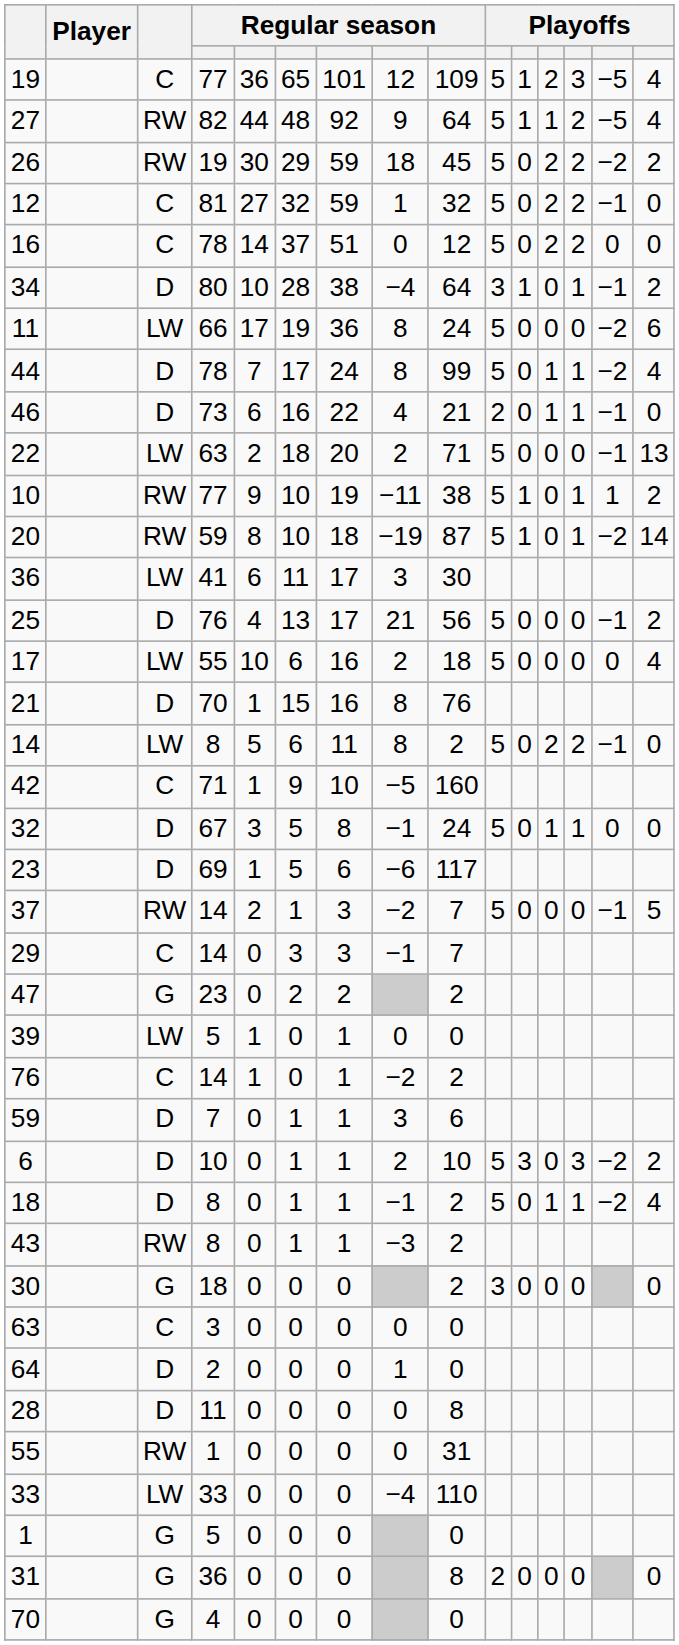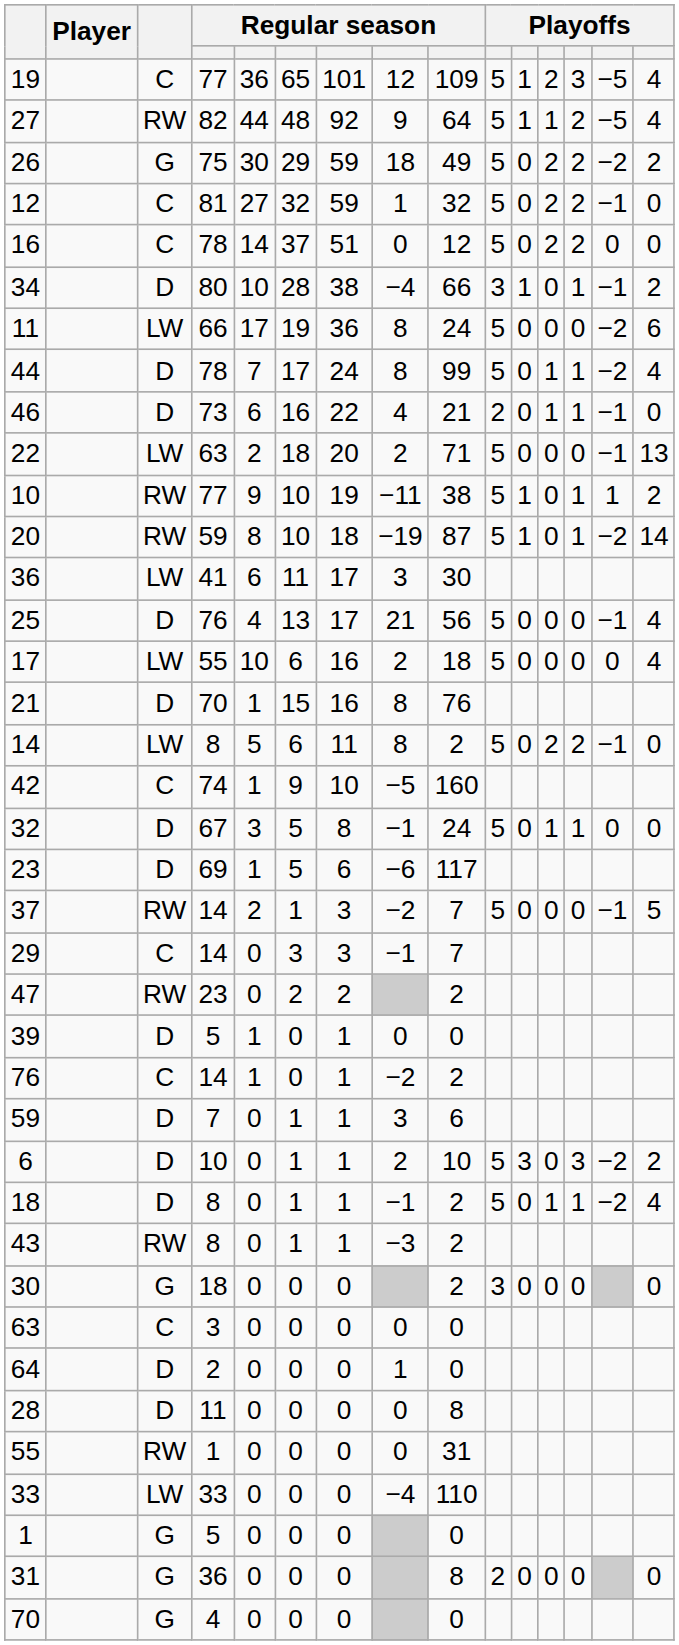 <table class="wikitable sortable plainrowheaders" style="text-align:center;">
 <tr>
 <th scope="col" data-sort-type="number" rowspan="2"></th>
 <th scope="col" rowspan="2">Player</th>
 <th scope="col" rowspan="2"></th>
 <th scope=colgroup colspan=6>Regular season</th>
 <th scope=colgroup colspan=6>Playoffs</th>
 </tr>
 <tr>
 <th scope="col" data-sort-type="number"></th>
 <th scope="col" data-sort-type="number"></th>
 <th scope="col" data-sort-type="number"></th>
 <th scope="col" data-sort-type="number"></th>
 <th scope="col" data-sort-type="number"></th>
 <th scope="col" data-sort-type="number"></th>
 <th scope="col" data-sort-type="number"></th>
 <th scope="col" data-sort-type="number"></th>
 <th scope="col" data-sort-type="number"></th>
 <th scope="col" data-sort-type="number"></th>
 <th scope="col" data-sort-type="number"></th>
 <th scope="col" data-sort-type="number"></th>
 </tr>
 <tr>
 <td scope="row">19</td>
 <td align="left"></td>
 <td>C</td>
 <td>77</td>
 <td>36</td>
 <td>65</td>
 <td>101</td>
 <td>12</td>
 <td>109</td>
 <td>5</td>
 <td>1</td>
 <td>2</td>
 <td>3</td>
 <td>−5</td>
 <td>4</td>
 </tr>
 <tr>
 <td scope="row">27</td>
 <td align="left"></td>
 <td>RW</td>
 <td>82</td>
 <td>44</td>
 <td>48</td>
 <td>92</td>
 <td>9</td>
 <td>64</td>
 <td>5</td>
 <td>1</td>
 <td>1</td>
 <td>2</td>
 <td>−5</td>
 <td>4</td>
 </tr>
 <tr>
 <td scope="row">26</td>
 <td align="left"></td>
-<td>RW</td>
-<td>19</td>
+<td>G</td>
+<td>75</td>
 <td>30</td>
 <td>29</td>
 <td>59</td>
 <td>18</td>
-<td>45</td>
+<td>49</td>
 <td>5</td>
 <td>0</td>
 <td>2</td>
 <td>2</td>
 <td>−2</td>
 <td>2</td>
 </tr>
 <tr>
 <td scope="row">12</td>
 <td align="left"></td>
 <td>C</td>
 <td>81</td>
 <td>27</td>
 <td>32</td>
 <td>59</td>
 <td>1</td>
 <td>32</td>
 <td>5</td>
 <td>0</td>
 <td>2</td>
 <td>2</td>
 <td>−1</td>
 <td>0</td>
 </tr>
 <tr>
 <td scope="row">16</td>
 <td align="left"></td>
 <td>C</td>
 <td>78</td>
 <td>14</td>
 <td>37</td>
 <td>51</td>
 <td>0</td>
 <td>12</td>
 <td>5</td>
 <td>0</td>
 <td>2</td>
 <td>2</td>
 <td>0</td>
 <td>0</td>
 </tr>
 <tr>
 <td scope="row">34</td>
 <td align="left"></td>
 <td>D</td>
 <td>80</td>
 <td>10</td>
 <td>28</td>
 <td>38</td>
 <td>−4</td>
-<td>64</td>
+<td>66</td>
 <td>3</td>
 <td>1</td>
 <td>0</td>
 <td>1</td>
 <td>−1</td>
 <td>2</td>
 </tr>
 <tr>
 <td scope="row">11</td>
 <td align="left"></td>
 <td>LW</td>
 <td>66</td>
 <td>17</td>
 <td>19</td>
 <td>36</td>
 <td>8</td>
 <td>24</td>
 <td>5</td>
 <td>0</td>
 <td>0</td>
 <td>0</td>
 <td>−2</td>
 <td>6</td>
 </tr>
 <tr>
 <td scope="row">44</td>
 <td align="left"></td>
 <td>D</td>
 <td>78</td>
 <td>7</td>
 <td>17</td>
 <td>24</td>
 <td>8</td>
 <td>99</td>
 <td>5</td>
 <td>0</td>
 <td>1</td>
 <td>1</td>
 <td>−2</td>
 <td>4</td>
 </tr>
 <tr>
 <td scope="row">46</td>
 <td align="left"></td>
 <td>D</td>
 <td>73</td>
 <td>6</td>
 <td>16</td>
 <td>22</td>
 <td>4</td>
 <td>21</td>
 <td>2</td>
 <td>0</td>
 <td>1</td>
 <td>1</td>
 <td>−1</td>
 <td>0</td>
 </tr>
 <tr>
 <td scope="row">22</td>
 <td align="left"></td>
 <td>LW</td>
 <td>63</td>
 <td>2</td>
 <td>18</td>
 <td>20</td>
 <td>2</td>
 <td>71</td>
 <td>5</td>
 <td>0</td>
 <td>0</td>
 <td>0</td>
 <td>−1</td>
 <td>13</td>
 </tr>
 <tr>
 <td scope="row">10</td>
 <td align="left"></td>
 <td>RW</td>
 <td>77</td>
 <td>9</td>
 <td>10</td>
 <td>19</td>
 <td>−11</td>
 <td>38</td>
 <td>5</td>
 <td>1</td>
 <td>0</td>
 <td>1</td>
 <td>1</td>
 <td>2</td>
 </tr>
 <tr>
 <td scope="row">20</td>
 <td align="left"></td>
 <td>RW</td>
 <td>59</td>
 <td>8</td>
 <td>10</td>
 <td>18</td>
 <td>−19</td>
 <td>87</td>
 <td>5</td>
 <td>1</td>
 <td>0</td>
 <td>1</td>
 <td>−2</td>
 <td>14</td>
 </tr>
 <tr>
 <td scope="row">36</td>
 <td align="left"></td>
 <td>LW</td>
 <td>41</td>
 <td>6</td>
 <td>11</td>
 <td>17</td>
 <td>3</td>
 <td>30</td>
 <td></td>
 <td></td>
 <td></td>
 <td></td>
 <td></td>
 <td></td>
 </tr>
 <tr>
 <td scope="row">25</td>
 <td align="left"></td>
 <td>D</td>
 <td>76</td>
 <td>4</td>
 <td>13</td>
 <td>17</td>
 <td>21</td>
 <td>56</td>
 <td>5</td>
 <td>0</td>
 <td>0</td>
 <td>0</td>
 <td>−1</td>
-<td>2</td>
+<td>4</td>
 </tr>
 <tr>
 <td scope="row">17</td>
 <td align="left"></td>
 <td>LW</td>
 <td>55</td>
 <td>10</td>
 <td>6</td>
 <td>16</td>
 <td>2</td>
 <td>18</td>
 <td>5</td>
 <td>0</td>
 <td>0</td>
 <td>0</td>
 <td>0</td>
 <td>4</td>
 </tr>
 <tr>
 <td scope="row">21</td>
 <td align="left"></td>
 <td>D</td>
 <td>70</td>
 <td>1</td>
 <td>15</td>
 <td>16</td>
 <td>8</td>
 <td>76</td>
 <td></td>
 <td></td>
 <td></td>
 <td></td>
 <td></td>
 <td></td>
 </tr>
 <tr>
 <td scope="row">14</td>
 <td align="left"></td>
 <td>LW</td>
 <td>8</td>
 <td>5</td>
 <td>6</td>
 <td>11</td>
 <td>8</td>
 <td>2</td>
 <td>5</td>
 <td>0</td>
 <td>2</td>
 <td>2</td>
 <td>−1</td>
 <td>0</td>
 </tr>
 <tr>
 <td scope="row">42</td>
 <td align="left"></td>
 <td>C</td>
-<td>71</td>
+<td>74</td>
 <td>1</td>
 <td>9</td>
 <td>10</td>
 <td>−5</td>
 <td>160</td>
 <td></td>
 <td></td>
 <td></td>
 <td></td>
 <td></td>
 <td></td>
 </tr>
 <tr>
 <td scope="row">32</td>
 <td align="left"></td>
 <td>D</td>
 <td>67</td>
 <td>3</td>
 <td>5</td>
 <td>8</td>
 <td>−1</td>
 <td>24</td>
 <td>5</td>
 <td>0</td>
 <td>1</td>
 <td>1</td>
 <td>0</td>
 <td>0</td>
 </tr>
 <tr>
 <td scope="row">23</td>
 <td align="left"></td>
 <td>D</td>
 <td>69</td>
 <td>1</td>
 <td>5</td>
 <td>6</td>
 <td>−6</td>
 <td>117</td>
 <td></td>
 <td></td>
 <td></td>
 <td></td>
 <td></td>
 <td></td>
 </tr>
 <tr>
 <td scope="row">37</td>
 <td align="left"></td>
 <td>RW</td>
 <td>14</td>
 <td>2</td>
 <td>1</td>
 <td>3</td>
 <td>−2</td>
 <td>7</td>
 <td>5</td>
 <td>0</td>
 <td>0</td>
 <td>0</td>
 <td>−1</td>
 <td>5</td>
 </tr>
 <tr>
 <td scope="row">29</td>
 <td align="left"></td>
 <td>C</td>
 <td>14</td>
 <td>0</td>
 <td>3</td>
 <td>3</td>
 <td>−1</td>
 <td>7</td>
 <td></td>
 <td></td>
 <td></td>
 <td></td>
 <td></td>
 <td></td>
 </tr>
 <tr>
 <td scope="row">47</td>
 <td align="left"></td>
-<td>G</td>
+<td>RW</td>
 <td>23</td>
 <td>0</td>
 <td>2</td>
 <td>2</td>
 <td style="background:#ccc"></td>
 <td>2</td>
 <td></td>
 <td></td>
 <td></td>
 <td></td>
 <td></td>
 <td></td>
 </tr>
 <tr>
 <td scope="row">39</td>
 <td align="left"></td>
-<td>LW</td>
+<td>D</td>
 <td>5</td>
 <td>1</td>
 <td>0</td>
 <td>1</td>
 <td>0</td>
 <td>0</td>
 <td></td>
 <td></td>
 <td></td>
 <td></td>
 <td></td>
 <td></td>
 </tr>
 <tr>
 <td scope="row">76</td>
 <td align="left"></td>
 <td>C</td>
 <td>14</td>
 <td>1</td>
 <td>0</td>
 <td>1</td>
 <td>−2</td>
 <td>2</td>
 <td></td>
 <td></td>
 <td></td>
 <td></td>
 <td></td>
 <td></td>
 </tr>
 <tr>
 <td scope="row">59</td>
 <td align="left"></td>
 <td>D</td>
 <td>7</td>
 <td>0</td>
 <td>1</td>
 <td>1</td>
 <td>3</td>
 <td>6</td>
 <td></td>
 <td></td>
 <td></td>
 <td></td>
 <td></td>
 <td></td>
 </tr>
 <tr>
 <td scope="row">6</td>
 <td align="left"></td>
 <td>D</td>
 <td>10</td>
 <td>0</td>
 <td>1</td>
 <td>1</td>
 <td>2</td>
 <td>10</td>
 <td>5</td>
 <td>3</td>
 <td>0</td>
 <td>3</td>
 <td>−2</td>
 <td>2</td>
 </tr>
 <tr>
 <td scope="row">18</td>
 <td align="left"></td>
 <td>D</td>
 <td>8</td>
 <td>0</td>
 <td>1</td>
 <td>1</td>
 <td>−1</td>
 <td>2</td>
 <td>5</td>
 <td>0</td>
 <td>1</td>
 <td>1</td>
 <td>−2</td>
 <td>4</td>
 </tr>
 <tr>
 <td scope="row">43</td>
 <td align="left"></td>
 <td>RW</td>
 <td>8</td>
 <td>0</td>
 <td>1</td>
 <td>1</td>
 <td>−3</td>
 <td>2</td>
 <td></td>
 <td></td>
 <td></td>
 <td></td>
 <td></td>
 <td></td>
 </tr>
 <tr>
 <td scope="row">30</td>
 <td align="left"></td>
 <td>G</td>
 <td>18</td>
 <td>0</td>
 <td>0</td>
 <td>0</td>
 <td style="background:#ccc"></td>
 <td>2</td>
 <td>3</td>
 <td>0</td>
 <td>0</td>
 <td>0</td>
 <td style="background:#ccc"></td>
 <td>0</td>
 </tr>
 <tr>
 <td scope="row">63</td>
 <td align="left"></td>
 <td>C</td>
 <td>3</td>
 <td>0</td>
 <td>0</td>
 <td>0</td>
 <td>0</td>
 <td>0</td>
 <td></td>
 <td></td>
 <td></td>
 <td></td>
 <td></td>
 <td></td>
 </tr>
 <tr>
 <td scope="row">64</td>
 <td align="left"></td>
 <td>D</td>
 <td>2</td>
 <td>0</td>
 <td>0</td>
 <td>0</td>
 <td>1</td>
 <td>0</td>
 <td></td>
 <td></td>
 <td></td>
 <td></td>
 <td></td>
 <td></td>
 </tr>
 <tr>
 <td scope="row">28</td>
 <td align="left"></td>
 <td>D</td>
 <td>11</td>
 <td>0</td>
 <td>0</td>
 <td>0</td>
 <td>0</td>
 <td>8</td>
 <td></td>
 <td></td>
 <td></td>
 <td></td>
 <td></td>
 <td></td>
 </tr>
 <tr>
 <td scope="row">55</td>
 <td align="left"></td>
 <td>RW</td>
 <td>1</td>
 <td>0</td>
 <td>0</td>
 <td>0</td>
 <td>0</td>
 <td>31</td>
 <td></td>
 <td></td>
 <td></td>
 <td></td>
 <td></td>
 <td></td>
 </tr>
 <tr>
 <td scope="row">33</td>
 <td align="left"></td>
 <td>LW</td>
 <td>33</td>
 <td>0</td>
 <td>0</td>
 <td>0</td>
 <td>−4</td>
 <td>110</td>
 <td></td>
 <td></td>
 <td></td>
 <td></td>
 <td></td>
 <td></td>
 </tr>
 <tr>
 <td scope="row">1</td>
 <td align="left"></td>
 <td>G</td>
 <td>5</td>
 <td>0</td>
 <td>0</td>
 <td>0</td>
 <td style="background:#ccc"></td>
 <td>0</td>
 <td></td>
 <td></td>
 <td></td>
 <td></td>
 <td></td>
 <td></td>
 </tr>
 <tr>
 <td scope="row">31</td>
 <td align="left"></td>
 <td>G</td>
 <td>36</td>
 <td>0</td>
 <td>0</td>
 <td>0</td>
 <td style="background:#ccc"></td>
 <td>8</td>
 <td>2</td>
 <td>0</td>
 <td>0</td>
 <td>0</td>
 <td style="background:#ccc"></td>
 <td>0</td>
 </tr>
 <tr>
 <td scope="row">70</td>
 <td align="left"></td>
 <td>G</td>
 <td>4</td>
 <td>0</td>
 <td>0</td>
 <td>0</td>
 <td style="background:#ccc"></td>
 <td>0</td>
 <td></td>
 <td></td>
 <td></td>
 <td></td>
 <td></td>
 <td></td>
 </tr>
 </table>
